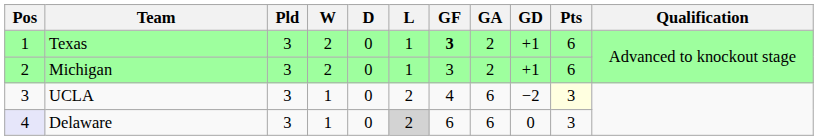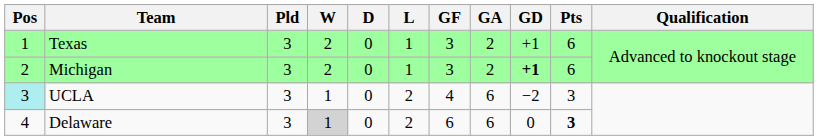 <table class="wikitable" style="text-align:center; margin: 1em auto">
 <tr>
 <th style="width:2em">Pos</th>
 <th style="width:13em">Team</th>
 <th style="width:2em">Pld</th>
 <th style="width:2em">W</th>
 <th style="width:2em">D</th>
 <th style="width:2em">L</th>
 <th style="width:2em">GF</th>
 <th style="width:2em">GA</th>
 <th style="width:2em">GD</th>
 <th style="width:2em">Pts</th>
 <th style="width:13em">Qualification</th>
 </tr>
 <tr bgcolor="#9eff9e">
 <td>1</td>
 <td style="text-align:left">Texas</td>
 <td>3</td>
 <td>2</td>
 <td>0</td>
 <td>1</td>
-<td><strong>3</strong></td>
+<td>3</td>
 <td>2</td>
 <td>+1</td>
 <td>6</td>
 <td rowspan="2">Advanced to knockout stage</td>
 </tr>
 <tr bgcolor="#9eff9e">
 <td>2</td>
 <td style="text-align:left">Michigan</td>
 <td>3</td>
 <td>2</td>
 <td>0</td>
 <td>1</td>
 <td>3</td>
 <td>2</td>
-<td>+1</td>
+<td><strong>+1</strong></td>
 <td>6</td>
 </tr>
 <tr>
-<td>3</td>
+<td style="background: paleturquoise;">3</td>
 <td style="text-align:left">UCLA</td>
 <td>3</td>
 <td>1</td>
 <td>0</td>
 <td>2</td>
 <td>4</td>
 <td>6</td>
 <td>−2</td>
-<td style="background: lightyellow;">3</td>
+<td>3</td>
 <td rowspan="2"></td>
 </tr>
 <tr>
-<td style="background: lavender;">4</td>
+<td>4</td>
 <td style="text-align:left">Delaware</td>
 <td>3</td>
-<td>1</td>
+<td style="background: lightgrey;">1</td>
 <td>0</td>
-<td style="background: lightgrey;">2</td>
+<td>2</td>
 <td>6</td>
 <td>6</td>
 <td>0</td>
-<td>3</td>
+<td><strong>3</strong></td>
 </tr>
 </table>
